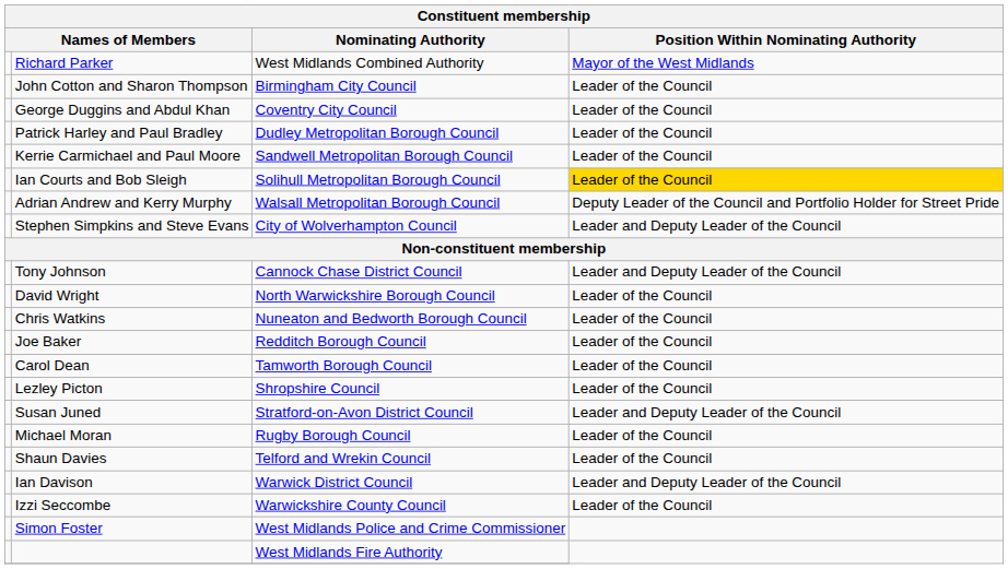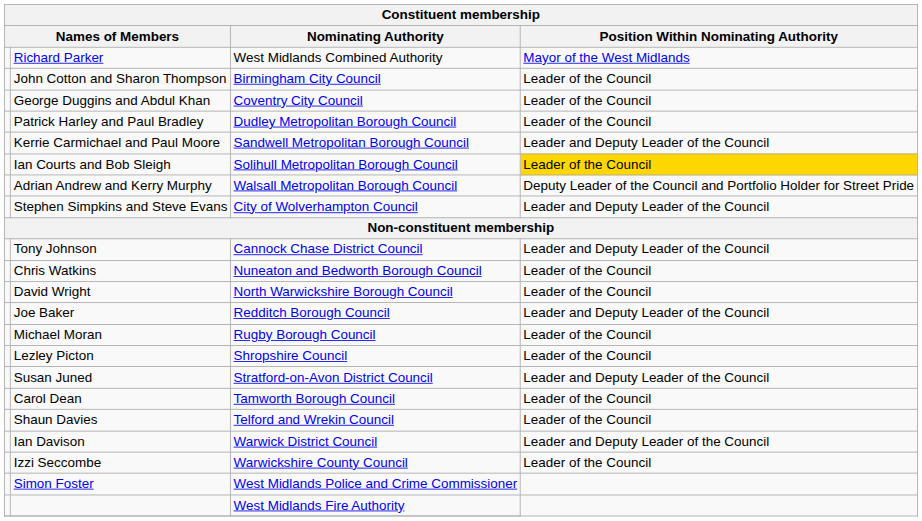 <table class="wikitable sortable">
 <tr>
 <th colspan=4>Constituent membership</th>
 </tr>
 <tr>
 <th colspan=2>Names of Members</th>
 <th>Nominating Authority</th>
 <th>Position Within Nominating Authority</th>
 </tr>
 <tr>
 <td style="background:"></td>
 <td><a href='#'>Richard Parker</a></td>
 <td>West Midlands Combined Authority</td>
 <td><a href='#'>Mayor of the West Midlands</a></td>
 </tr>
 <tr>
 <td style="background:"></td>
 <td>John Cotton and Sharon Thompson</td>
 <td><a href='#'>Birmingham City Council</a></td>
 <td>Leader of the Council</td>
 </tr>
 <tr>
 <td style="background:"></td>
 <td>George Duggins and  Abdul Khan</td>
 <td><a href='#'>Coventry City Council</a></td>
 <td>Leader of the Council</td>
 </tr>
 <tr>
 <td style="background:"></td>
 <td>Patrick Harley and Paul Bradley</td>
 <td><a href='#'>Dudley Metropolitan Borough Council</a></td>
 <td>Leader of the Council</td>
 </tr>
 <tr>
 <td style="background:"></td>
 <td>Kerrie Carmichael and Paul Moore</td>
 <td><a href='#'>Sandwell Metropolitan Borough Council</a></td>
-<td>Leader of the Council</td>
+<td>Leader and Deputy Leader of the Council</td>
 </tr>
 <tr>
 <td style="background:"></td>
 <td>Ian Courts and  Bob Sleigh</td>
 <td><a href='#'>Solihull Metropolitan Borough Council</a></td>
 <td style="background: gold;">Leader of the Council</td>
 </tr>
 <tr>
 <td style="background:"></td>
 <td>Adrian Andrew and Kerry Murphy</td>
 <td><a href='#'>Walsall Metropolitan Borough Council</a></td>
 <td>Deputy Leader of the Council and Portfolio Holder for Street Pride</td>
 </tr>
 <tr>
 <td style="background:"></td>
 <td>Stephen Simpkins and Steve Evans</td>
 <td><a href='#'>City of Wolverhampton Council</a></td>
 <td>Leader and Deputy Leader of the Council</td>
 </tr>
 <tr>
 <th colspan=4>Non-constituent membership</th>
 </tr>
 <tr>
 <td style="background:"></td>
 <td>Tony Johnson</td>
 <td><a href='#'>Cannock Chase District Council</a></td>
 <td>Leader and Deputy Leader of the Council</td>
 </tr>
 <tr>
 <td style="background:"></td>
+<td>Chris Watkins</td>
+<td><a href='#'>Nuneaton and Bedworth Borough Council</a></td>
+<td>Leader of the Council</td>
+</tr>
+<tr>
+<td style="background:"></td>
 <td>David Wright</td>
 <td><a href='#'>North Warwickshire Borough Council</a></td>
 <td>Leader of the Council</td>
 </tr>
 <tr>
 <td style="background:"></td>
-<td>Chris Watkins</td>
-<td><a href='#'>Nuneaton and Bedworth Borough Council</a></td>
-<td>Leader of the Council</td>
+<td>Joe Baker</td>
+<td><a href='#'>Redditch Borough Council</a></td>
+<td>Leader and Deputy Leader of the Council</td>
 </tr>
 <tr>
 <td style="background:"></td>
-<td>Joe Baker</td>
-<td><a href='#'>Redditch Borough Council</a></td>
-<td>Leader of the Council</td>
-</tr>
-<tr>
-<td style="background:"></td>
-<td>Carol Dean</td>
-<td><a href='#'>Tamworth Borough Council</a></td>
+<td>Michael Moran</td>
+<td><a href='#'>Rugby Borough Council</a></td>
 <td>Leader of the Council</td>
 </tr>
 <tr>
 <td style="background:"></td>
 <td>Lezley Picton</td>
 <td><a href='#'>Shropshire Council</a></td>
 <td>Leader of the Council</td>
 </tr>
 <tr>
 <td style="background:"></td>
 <td>Susan Juned</td>
 <td><a href='#'>Stratford-on-Avon District Council</a></td>
 <td>Leader and Deputy Leader of the Council</td>
 </tr>
 <tr>
 <td style="background:"></td>
-<td>Michael Moran</td>
-<td><a href='#'>Rugby Borough Council</a></td>
+<td>Carol Dean</td>
+<td><a href='#'>Tamworth Borough Council</a></td>
 <td>Leader of the Council</td>
 </tr>
 <tr>
 <td style="background:"></td>
 <td>Shaun Davies</td>
 <td><a href='#'>Telford and Wrekin Council</a></td>
 <td>Leader of the Council</td>
 </tr>
 <tr>
 <td style="background:"></td>
 <td>Ian Davison</td>
 <td><a href='#'>Warwick District Council</a></td>
 <td>Leader and Deputy Leader of the Council</td>
 </tr>
 <tr>
 <td style="background:"></td>
 <td>Izzi Seccombe</td>
 <td><a href='#'>Warwickshire County Council</a></td>
 <td>Leader of the Council</td>
 </tr>
 <tr>
 <td style="background:"></td>
 <td><a href='#'>Simon Foster</a></td>
 <td><a href='#'>West Midlands Police and Crime Commissioner</a></td>
 <td></td>
 </tr>
 <tr>
 <td></td>
 <td></td>
 <td><a href='#'>West Midlands Fire Authority</a></td>
 </tr>
 <tr>
 </tr>
 </table>
